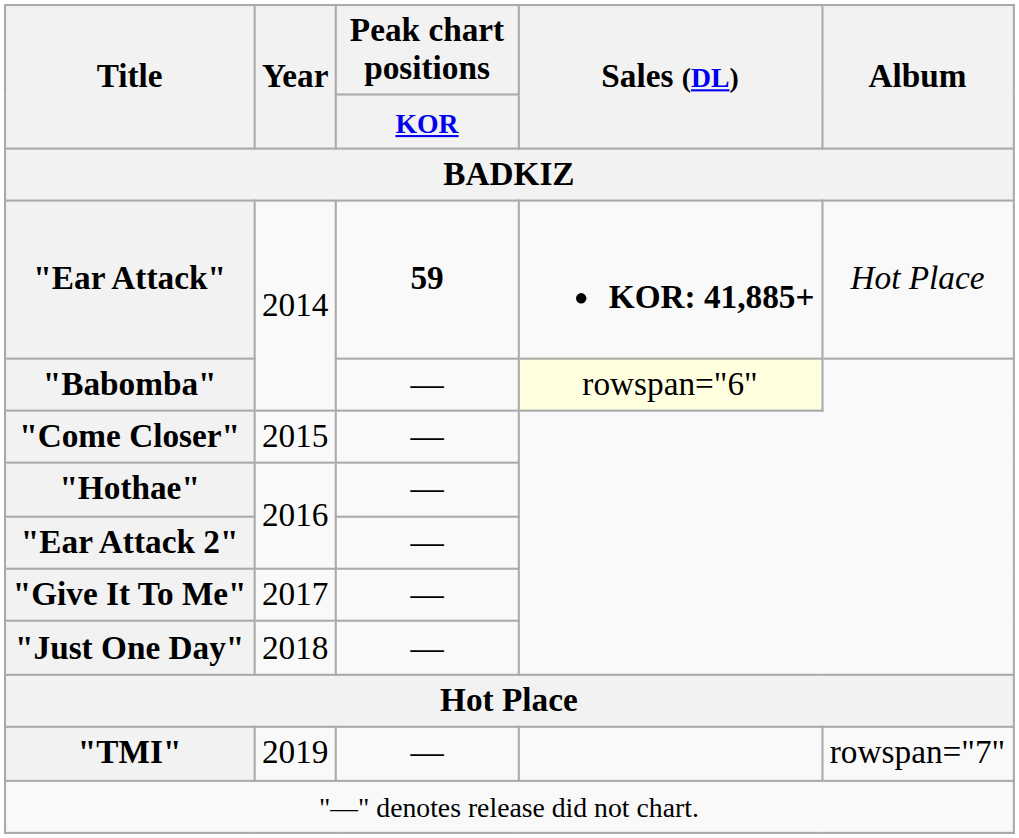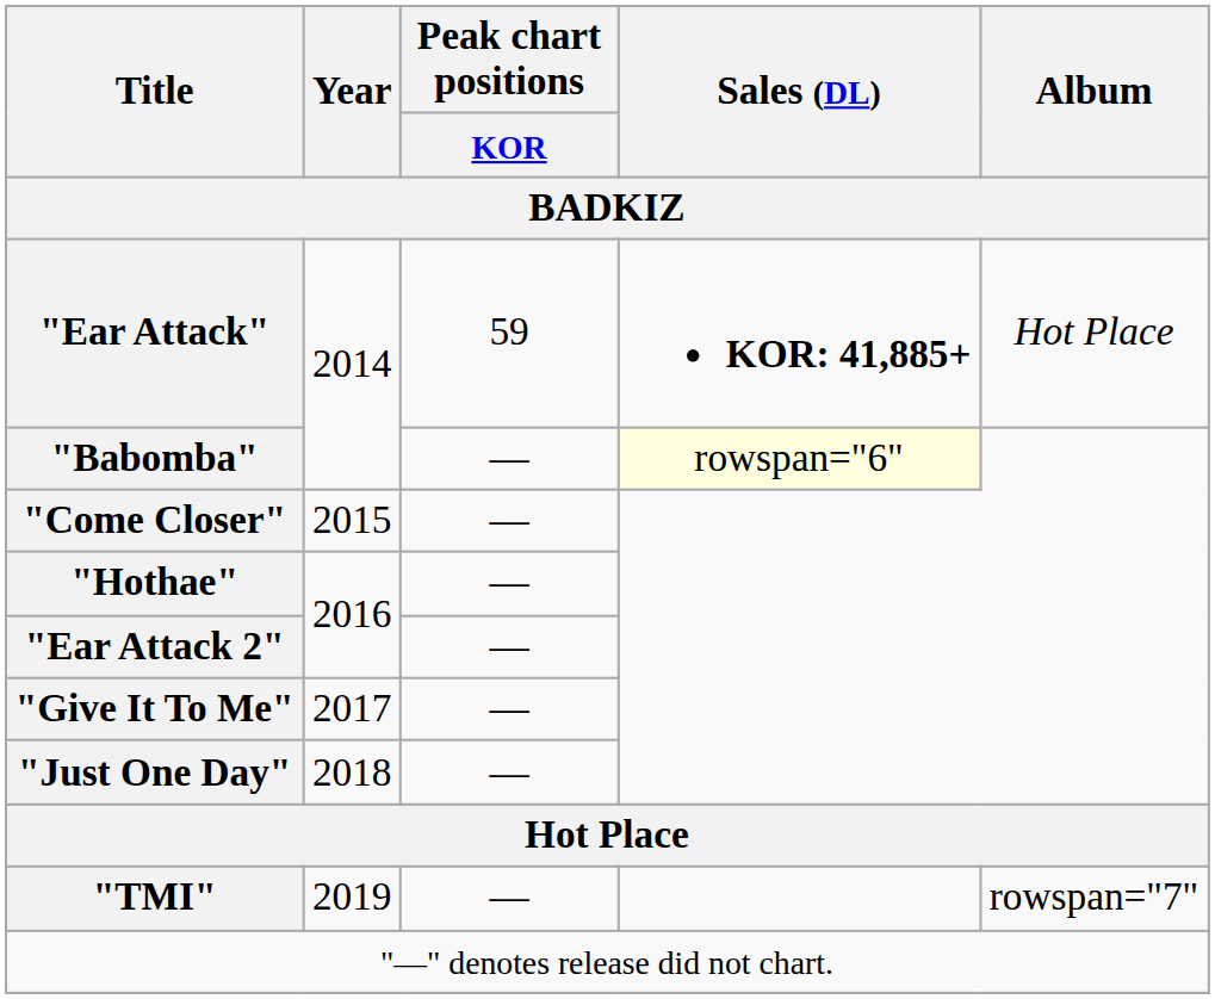 <table class="wikitable plainrowheaders" style="text-align:center;">
 <tr>
 <th rowspan="2" scope="col">Title</th>
 <th rowspan="2" scope="col">Year</th>
 <th colspan="1" scope="col" style="width:5em;">Peak chart positions</th>
 <th rowspan="2" scope="col">Sales <small>(<a href='#'>DL</a>)</small></th>
 <th rowspan="2">Album</th>
 </tr>
 <tr>
 <th><small><a href='#'>KOR</a></small><br></th>
 </tr>
 <tr>
 <th colspan="5">BADKIZ</th>
 </tr>
 <tr>
 <th scope="row">"Ear Attack" </th>
 <td rowspan="2">2014</td>
-<td><strong>59</strong></td>
+<td>59</td>
 <td><strong><br><ul><li>KOR: 41,885+</li></ul></strong></td>
 <td><em>Hot Place</em></td>
 </tr>
 <tr>
 <th scope="row">"Babomba" </th>
 <td>—</td>
 <td style="background: lightyellow;">rowspan="6" </td>
 </tr>
 <tr>
 <th scope="row">"Come Closer" </th>
 <td>2015</td>
 <td>—</td>
 </tr>
 <tr>
 <th scope="row">"Hothae" </th>
 <td rowspan="2">2016</td>
 <td>—</td>
 </tr>
 <tr>
 <th scope="row">"Ear Attack 2" </th>
 <td>—</td>
 </tr>
 <tr>
 <th scope="row">"Give It To Me"</th>
 <td>2017</td>
 <td>—</td>
 </tr>
 <tr>
 <th scope="row">"Just One Day" </th>
 <td>2018</td>
 <td>—</td>
 </tr>
 <tr>
 <th colspan="5">Hot Place</th>
 </tr>
 <tr>
 <th scope="row">"TMI"</th>
 <td>2019</td>
 <td>—</td>
 <td></td>
 <td>rowspan="7" </td>
 </tr>
 <tr>
 <td colspan="6" style="text-align:center;"><small>"—" denotes release did not chart.</small></td>
 </tr>
 </table>
